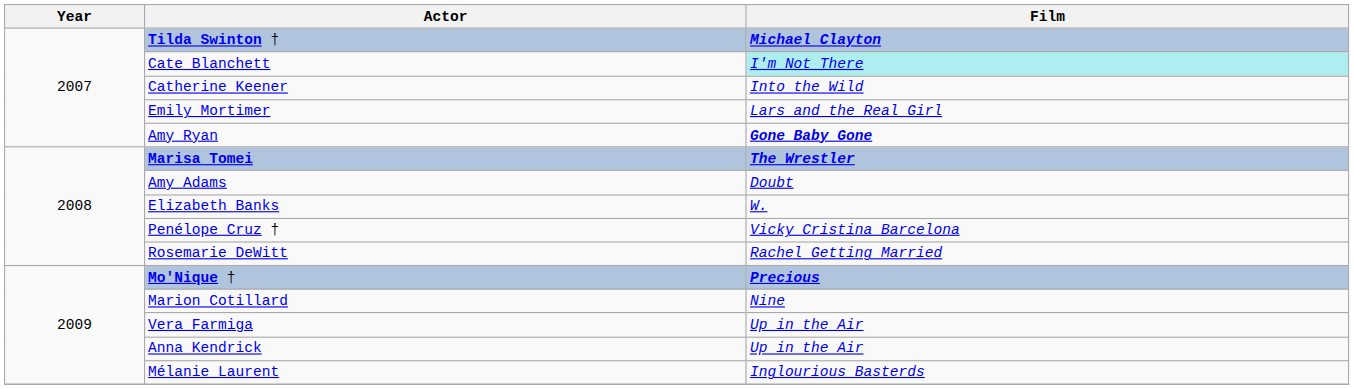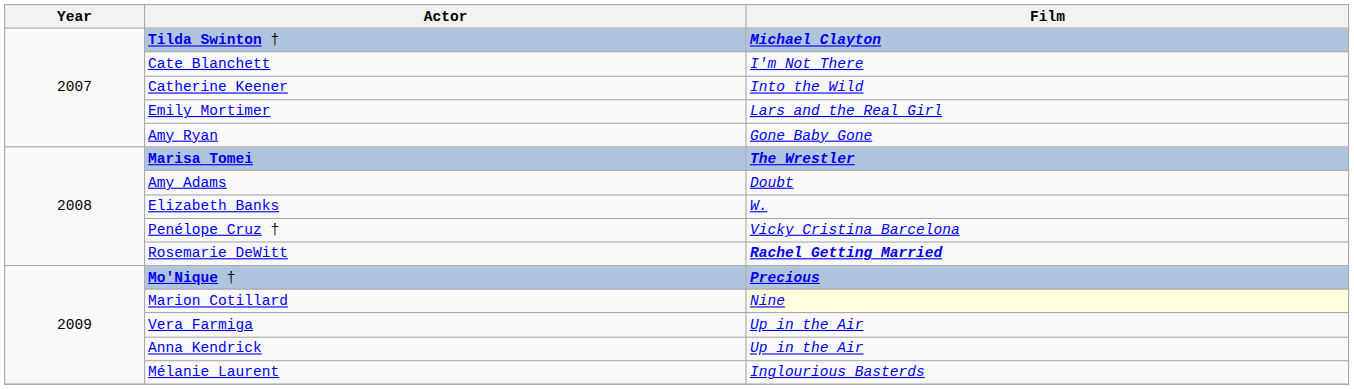 <table class="wikitable" width="95%" cellpadding="5">
 <tr>
 <th width="100"><strong>Year</strong></th>
 <th width="450"><strong>Actor</strong></th>
 <th width="450"><strong>Film</strong></th>
 </tr>
 <tr>
 <td rowspan=5 style="text-align:center;">2007<br></td>
 <td style="background:#B0C4DE;"><strong><a href='#'>Tilda Swinton</a></strong> †</td>
 <td style="background:#B0C4DE;"><strong><em><a href='#'>Michael Clayton</a></em></strong></td>
 </tr>
 <tr>
 <td><a href='#'>Cate Blanchett</a></td>
-<td style="background: paleturquoise;"><em><a href='#'>I'm Not There</a></em></td>
+<td><em><a href='#'>I'm Not There</a></em></td>
 </tr>
 <tr>
 <td><a href='#'>Catherine Keener</a></td>
 <td><em><a href='#'>Into the Wild</a></em></td>
 </tr>
 <tr>
 <td><a href='#'>Emily Mortimer</a></td>
 <td><em><a href='#'>Lars and the Real Girl</a></em></td>
 </tr>
 <tr>
 <td><a href='#'>Amy Ryan</a></td>
-<td><strong><em><a href='#'>Gone Baby Gone</a></em></strong></td>
+<td><em><a href='#'>Gone Baby Gone</a></em></td>
 </tr>
 <tr>
 <td rowspan=5 style="text-align:center;">2008<br></td>
 <td style="background:#B0C4DE;"><strong><a href='#'>Marisa Tomei</a></strong></td>
 <td style="background:#B0C4DE;"><strong><em><a href='#'>The Wrestler</a></em></strong></td>
 </tr>
 <tr>
 <td><a href='#'>Amy Adams</a></td>
 <td><em><a href='#'>Doubt</a></em></td>
 </tr>
 <tr>
 <td><a href='#'>Elizabeth Banks</a></td>
 <td><em><a href='#'>W.</a></em></td>
 </tr>
 <tr>
 <td><a href='#'>Penélope Cruz</a> †</td>
 <td><em><a href='#'>Vicky Cristina Barcelona</a></em></td>
 </tr>
 <tr>
 <td><a href='#'>Rosemarie DeWitt</a></td>
-<td><em><a href='#'>Rachel Getting Married</a></em></td>
+<td><strong><em><a href='#'>Rachel Getting Married</a></em></strong></td>
 </tr>
 <tr>
 <td rowspan=5 style="text-align:center;">2009<br></td>
 <td style="background:#B0C4DE;"><strong><a href='#'>Mo'Nique</a></strong> †</td>
 <td style="background:#B0C4DE;"><strong><em><a href='#'>Precious</a></em></strong></td>
 </tr>
 <tr>
 <td><a href='#'>Marion Cotillard</a></td>
-<td><em><a href='#'>Nine</a></em></td>
+<td style="background: lightyellow;"><em><a href='#'>Nine</a></em></td>
 </tr>
 <tr>
 <td><a href='#'>Vera Farmiga</a></td>
 <td><em><a href='#'>Up in the Air</a></em></td>
 </tr>
 <tr>
 <td><a href='#'>Anna Kendrick</a></td>
 <td><em><a href='#'>Up in the Air</a></em></td>
 </tr>
 <tr>
 <td><a href='#'>Mélanie Laurent</a></td>
 <td><em><a href='#'>Inglourious Basterds</a></em></td>
 </tr>
 <tr>
 </tr>
 </table>
